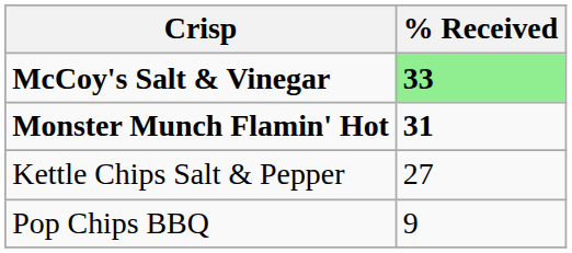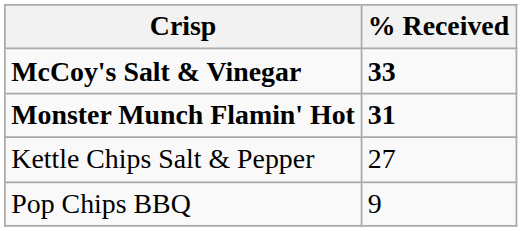 <table class="wikitable">
 <tr>
 <th>Crisp</th>
 <th>% Received</th>
 </tr>
 <tr>
 <td><strong>McCoy's Salt & Vinegar</strong></td>
-<td style="background: lightgreen;"><strong>33</strong></td>
+<td><strong>33</strong></td>
 </tr>
 <tr>
 <td><strong>Monster Munch Flamin' Hot</strong></td>
 <td><strong>31</strong></td>
 </tr>
 <tr>
 <td>Kettle Chips Salt & Pepper</td>
 <td>27</td>
 </tr>
 <tr>
 <td>Pop Chips BBQ</td>
 <td>9</td>
 </tr>
 </table>
